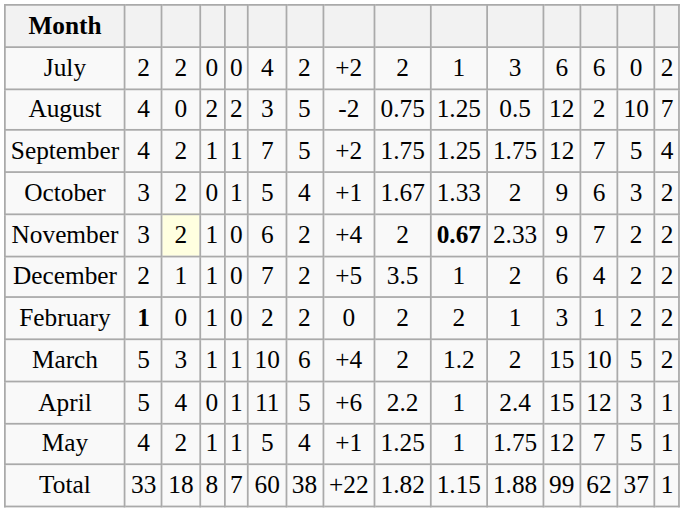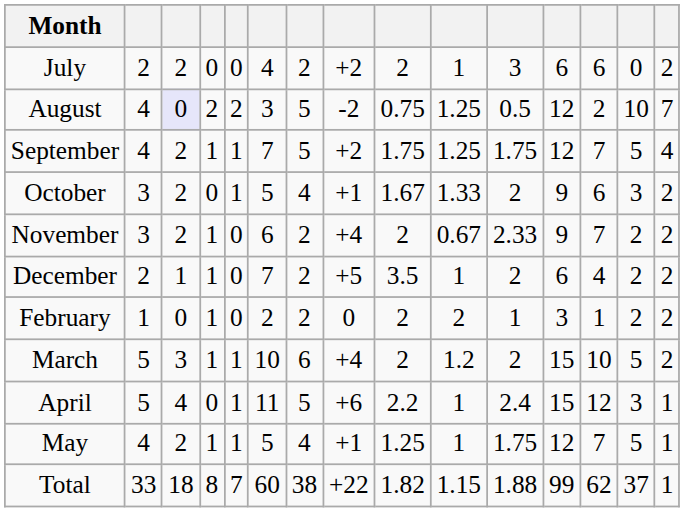 <table class="wikitable sortable" style="font-size: 90%; text-align: center;">
 <tr>
 <th>Month</th>
 <th></th>
 <th></th>
 <th></th>
 <th></th>
 <th></th>
 <th></th>
 <th></th>
 <th></th>
 <th></th>
 <th></th>
 <th></th>
 <th></th>
 <th></th>
 <th></th>
 </tr>
 <tr>
 <td>July</td>
 <td>2</td>
 <td>2</td>
 <td>0</td>
 <td>0</td>
 <td>4</td>
 <td>2</td>
 <td>+2</td>
 <td>2</td>
 <td>1</td>
 <td>3</td>
 <td>6</td>
 <td>6</td>
 <td>0</td>
 <td>2</td>
 </tr>
 <tr>
 <td>August</td>
 <td>4</td>
-<td>0</td>
+<td style="background: lavender;">0</td>
 <td>2</td>
 <td>2</td>
 <td>3</td>
 <td>5</td>
 <td>-2</td>
 <td>0.75</td>
 <td>1.25</td>
 <td>0.5</td>
 <td>12</td>
 <td>2</td>
 <td>10</td>
 <td>7</td>
 </tr>
 <tr>
 <td>September</td>
 <td>4</td>
 <td>2</td>
 <td>1</td>
 <td>1</td>
 <td>7</td>
 <td>5</td>
 <td>+2</td>
 <td>1.75</td>
 <td>1.25</td>
 <td>1.75</td>
 <td>12</td>
 <td>7</td>
 <td>5</td>
 <td>4</td>
 </tr>
 <tr>
 <td>October</td>
 <td>3</td>
 <td>2</td>
 <td>0</td>
 <td>1</td>
 <td>5</td>
 <td>4</td>
 <td>+1</td>
 <td>1.67</td>
 <td>1.33</td>
 <td>2</td>
 <td>9</td>
 <td>6</td>
 <td>3</td>
 <td>2</td>
 </tr>
 <tr>
 <td>November</td>
 <td>3</td>
-<td style="background: lightyellow;">2</td>
+<td>2</td>
 <td>1</td>
 <td>0</td>
 <td>6</td>
 <td>2</td>
 <td>+4</td>
 <td>2</td>
-<td><strong>0.67</strong></td>
+<td>0.67</td>
 <td>2.33</td>
 <td>9</td>
 <td>7</td>
 <td>2</td>
 <td>2</td>
 </tr>
 <tr>
 <td>December</td>
 <td>2</td>
 <td>1</td>
 <td>1</td>
 <td>0</td>
 <td>7</td>
 <td>2</td>
 <td>+5</td>
 <td>3.5</td>
 <td>1</td>
 <td>2</td>
 <td>6</td>
 <td>4</td>
 <td>2</td>
 <td>2</td>
 </tr>
 <tr>
 <td>February</td>
-<td><strong>1</strong></td>
+<td>1</td>
 <td>0</td>
 <td>1</td>
 <td>0</td>
 <td>2</td>
 <td>2</td>
 <td>0</td>
 <td>2</td>
 <td>2</td>
 <td>1</td>
 <td>3</td>
 <td>1</td>
 <td>2</td>
 <td>2</td>
 </tr>
 <tr>
 <td>March</td>
 <td>5</td>
 <td>3</td>
 <td>1</td>
 <td>1</td>
 <td>10</td>
 <td>6</td>
 <td>+4</td>
 <td>2</td>
 <td>1.2</td>
 <td>2</td>
 <td>15</td>
 <td>10</td>
 <td>5</td>
 <td>2</td>
 </tr>
 <tr>
 <td>April</td>
 <td>5</td>
 <td>4</td>
 <td>0</td>
 <td>1</td>
 <td>11</td>
 <td>5</td>
 <td>+6</td>
 <td>2.2</td>
 <td>1</td>
 <td>2.4</td>
 <td>15</td>
 <td>12</td>
 <td>3</td>
 <td>1</td>
 </tr>
 <tr>
 <td>May</td>
 <td>4</td>
 <td>2</td>
 <td>1</td>
 <td>1</td>
 <td>5</td>
 <td>4</td>
 <td>+1</td>
 <td>1.25</td>
 <td>1</td>
 <td>1.75</td>
 <td>12</td>
 <td>7</td>
 <td>5</td>
 <td>1</td>
 </tr>
 <tr>
 <td>Total</td>
 <td>33</td>
 <td>18</td>
 <td>8</td>
 <td>7</td>
 <td>60</td>
 <td>38</td>
 <td>+22</td>
 <td>1.82</td>
 <td>1.15</td>
 <td>1.88</td>
 <td>99</td>
 <td>62</td>
 <td>37</td>
 <td>1</td>
 </tr>
 </table>
